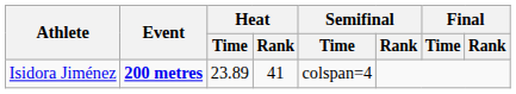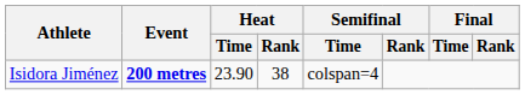 <table class=wikitable style=font-size:90%>
 <tr>
 <th rowspan=2>Athlete</th>
 <th rowspan=2>Event</th>
 <th colspan=2>Heat</th>
 <th colspan=2>Semifinal</th>
 <th colspan=2>Final</th>
 </tr>
 <tr style=font-size:95%>
 <th>Time</th>
 <th>Rank</th>
 <th>Time</th>
 <th>Rank</th>
 <th>Time</th>
 <th>Rank</th>
 </tr>
 <tr align=center>
 <td align=left><a href='#'>Isidora Jiménez</a></td>
 <td align=left><strong><a href='#'>200 metres</a></strong></td>
-<td>23.89</td>
-<td>41</td>
+<td>23.90</td>
+<td>38</td>
 <td>colspan=4 </td>
 </tr>
 </table>
